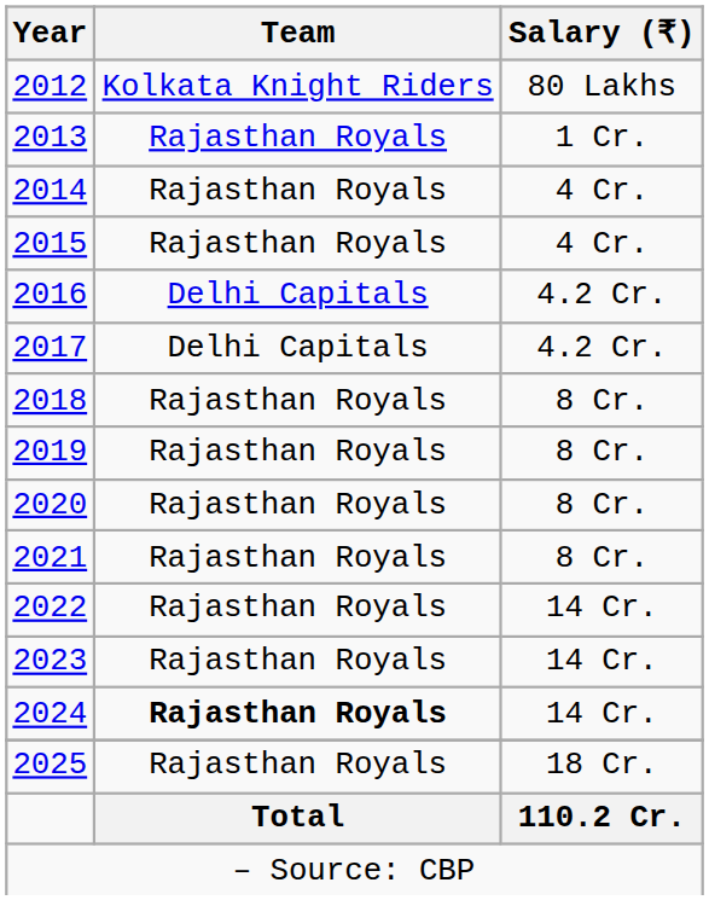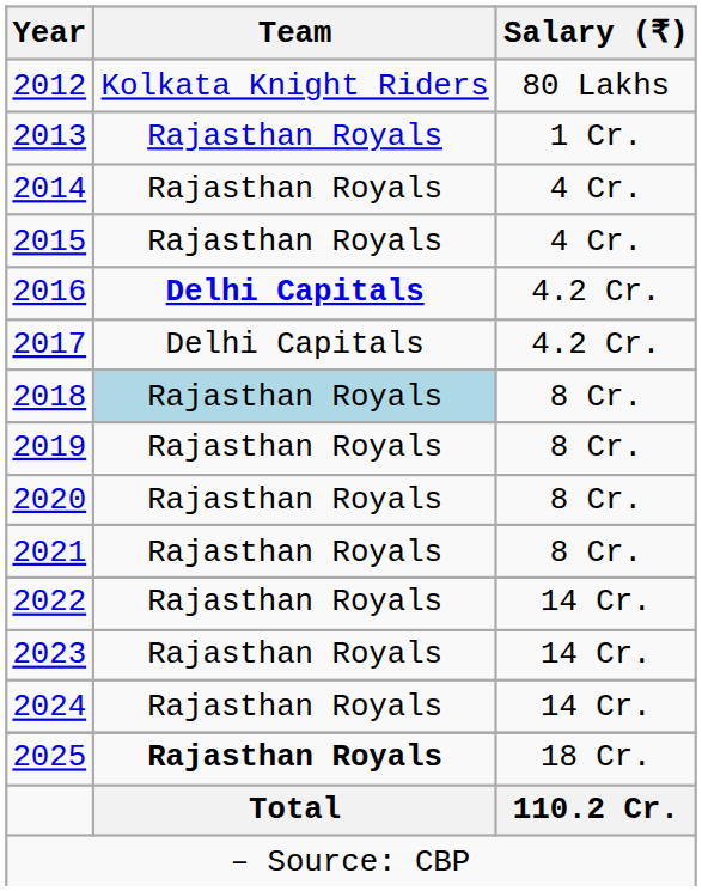 <table class="wikitable" style="font-size:90%; float:right; clear:right; text-align:center; margin-right:15px">
 <tr>
 <th>Year</th>
 <th>Team</th>
 <th>Salary (₹)</th>
 </tr>
 <tr>
 <td><a href='#'>2012</a></td>
 <td><a href='#'>Kolkata Knight Riders</a></td>
 <td>80 Lakhs</td>
 </tr>
 <tr>
 <td><a href='#'>2013</a></td>
 <td><a href='#'>Rajasthan Royals</a></td>
 <td>1 Cr.</td>
 </tr>
 <tr>
 <td><a href='#'>2014</a></td>
 <td>Rajasthan Royals</td>
 <td>4 Cr.</td>
 </tr>
 <tr>
 <td><a href='#'>2015</a></td>
 <td>Rajasthan Royals</td>
 <td>4 Cr.</td>
 </tr>
 <tr>
 <td><a href='#'>2016</a></td>
-<td><a href='#'>Delhi Capitals</a></td>
+<td><strong><a href='#'>Delhi Capitals</a></strong></td>
 <td>4.2 Cr.</td>
 </tr>
 <tr>
 <td><a href='#'>2017</a></td>
 <td>Delhi Capitals</td>
 <td>4.2 Cr.</td>
 </tr>
 <tr>
 <td><a href='#'>2018</a></td>
-<td>Rajasthan Royals</td>
+<td style="background: lightblue;">Rajasthan Royals</td>
 <td>8 Cr.</td>
 </tr>
 <tr>
 <td><a href='#'>2019</a></td>
 <td>Rajasthan Royals</td>
 <td>8 Cr.</td>
 </tr>
 <tr>
 <td><a href='#'>2020</a></td>
 <td>Rajasthan Royals</td>
 <td>8 Cr.</td>
 </tr>
 <tr>
 <td><a href='#'>2021</a></td>
 <td>Rajasthan Royals</td>
 <td>8 Cr.</td>
 </tr>
 <tr>
 <td><a href='#'>2022</a></td>
 <td>Rajasthan Royals</td>
 <td>14 Cr.</td>
 </tr>
 <tr>
 <td><a href='#'>2023</a></td>
 <td>Rajasthan Royals</td>
 <td>14 Cr.</td>
 </tr>
 <tr>
 <td><a href='#'>2024</a></td>
-<td><strong>Rajasthan Royals</strong></td>
+<td>Rajasthan Royals</td>
 <td>14 Cr.</td>
 </tr>
 <tr>
 </tr>
 <tr>
 <td><a href='#'>2025</a></td>
-<td>Rajasthan Royals</td>
+<td><strong>Rajasthan Royals</strong></td>
 <td>18 Cr.</td>
 </tr>
 <tr>
 <td></td>
 <th>Total</th>
 <th>110.2 Cr.</th>
 </tr>
 <tr>
 <td colspan="3";> – Source: CBP</td>
 </tr>
 </table>
